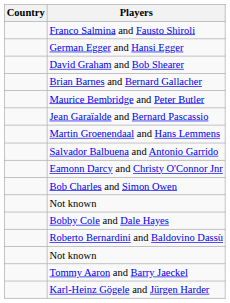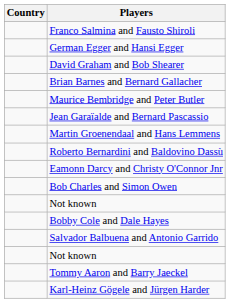 <table class="wikitable" style="font-size:95%;">
 <tr>
 <th>Country</th>
 <th>Players</th>
 </tr>
 <tr>
 <td></td>
 <td><a href='#'>Franco Salmina</a> and <a href='#'>Fausto Shiroli</a></td>
 </tr>
 <tr>
 <td></td>
 <td><a href='#'>German Egger</a> and <a href='#'>Hansi Egger</a></td>
 </tr>
 <tr>
 <td></td>
 <td><a href='#'>David Graham</a> and <a href='#'>Bob Shearer</a></td>
 </tr>
 <tr>
 <td></td>
 <td><a href='#'>Brian Barnes</a> and <a href='#'>Bernard Gallacher</a></td>
 </tr>
 <tr>
 <td></td>
 <td><a href='#'>Maurice Bembridge</a> and <a href='#'>Peter Butler</a></td>
 </tr>
 <tr>
 <td></td>
 <td><a href='#'>Jean Garaïalde</a> and <a href='#'>Bernard Pascassio</a></td>
 </tr>
 <tr>
 <td></td>
 <td><a href='#'>Martin Groenendaal</a> and <a href='#'>Hans Lemmens</a></td>
 </tr>
 <tr>
 <td></td>
-<td><a href='#'>Salvador Balbuena</a> and <a href='#'>Antonio Garrido</a></td>
+<td><a href='#'>Roberto Bernardini</a> and <a href='#'>Baldovino Dassù</a></td>
 </tr>
 <tr>
 <td></td>
 <td><a href='#'>Eamonn Darcy</a> and <a href='#'>Christy O'Connor Jnr</a></td>
 </tr>
 <tr>
 <td></td>
 <td><a href='#'>Bob Charles</a> and <a href='#'>Simon Owen</a></td>
 </tr>
 <tr>
 <td></td>
 <td>Not known</td>
 </tr>
 <tr>
 <td></td>
 <td><a href='#'>Bobby Cole</a> and <a href='#'>Dale Hayes</a></td>
 </tr>
 <tr>
 <td></td>
-<td><a href='#'>Roberto Bernardini</a> and <a href='#'>Baldovino Dassù</a></td>
+<td><a href='#'>Salvador Balbuena</a> and <a href='#'>Antonio Garrido</a></td>
 </tr>
 <tr>
 <td></td>
 <td>Not known</td>
 </tr>
 <tr>
 <td></td>
 <td><a href='#'>Tommy Aaron</a> and <a href='#'>Barry Jaeckel</a></td>
 </tr>
 <tr>
 <td></td>
 <td><a href='#'>Karl-Heinz Gögele</a> and <a href='#'>Jürgen Harder</a></td>
 </tr>
 </table>
